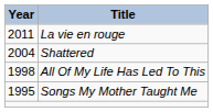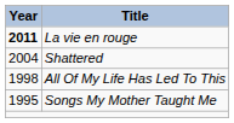 <table class="wikitable" style="font-size:90%">
 <tr style="text-align:center;">
 <th style="background:#B0C4DE;">Year</th>
 <th style="background:#B0C4DE;">Title</th>
 </tr>
 <tr>
-<td>2011</td>
+<td><strong>2011</strong></td>
 <td><em>La vie en rouge</em></td>
 </tr>
 <tr>
 <td>2004</td>
 <td><em>Shattered</em></td>
 </tr>
 <tr>
 <td>1998</td>
 <td><em>All Of My Life Has Led To This</em></td>
 </tr>
 <tr>
 <td>1995</td>
 <td><em>Songs My Mother Taught Me</em></td>
 </tr>
 <tr>
 <td style="text-align:center;" colspan="2"></td>
 </tr>
 </table>
